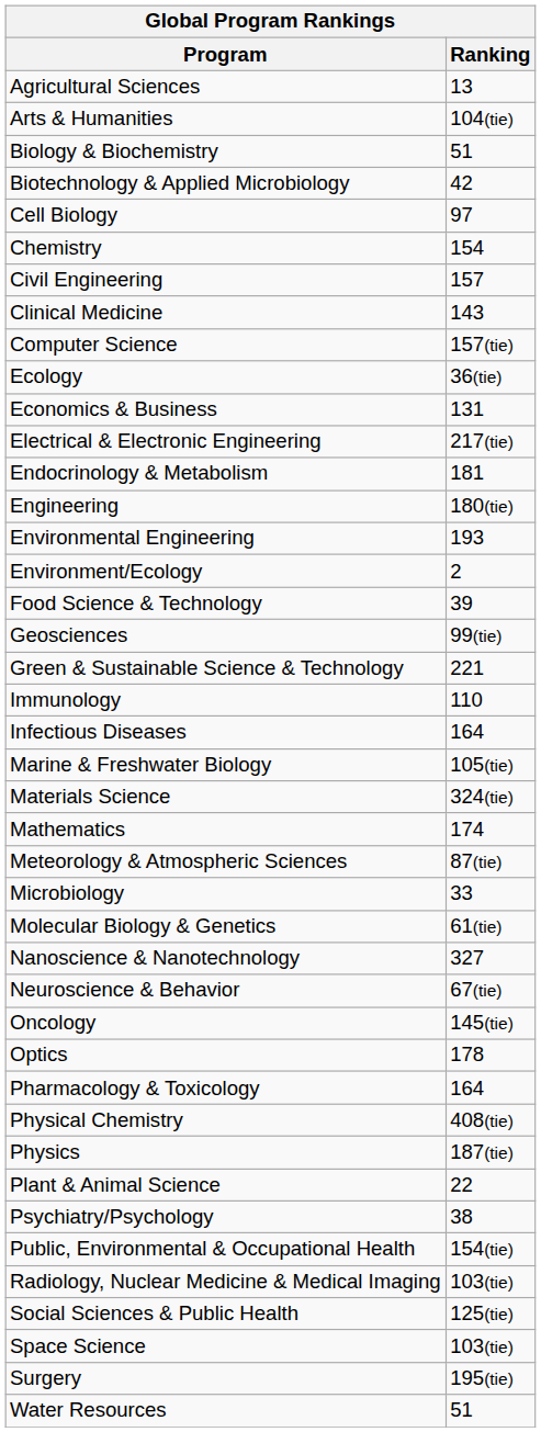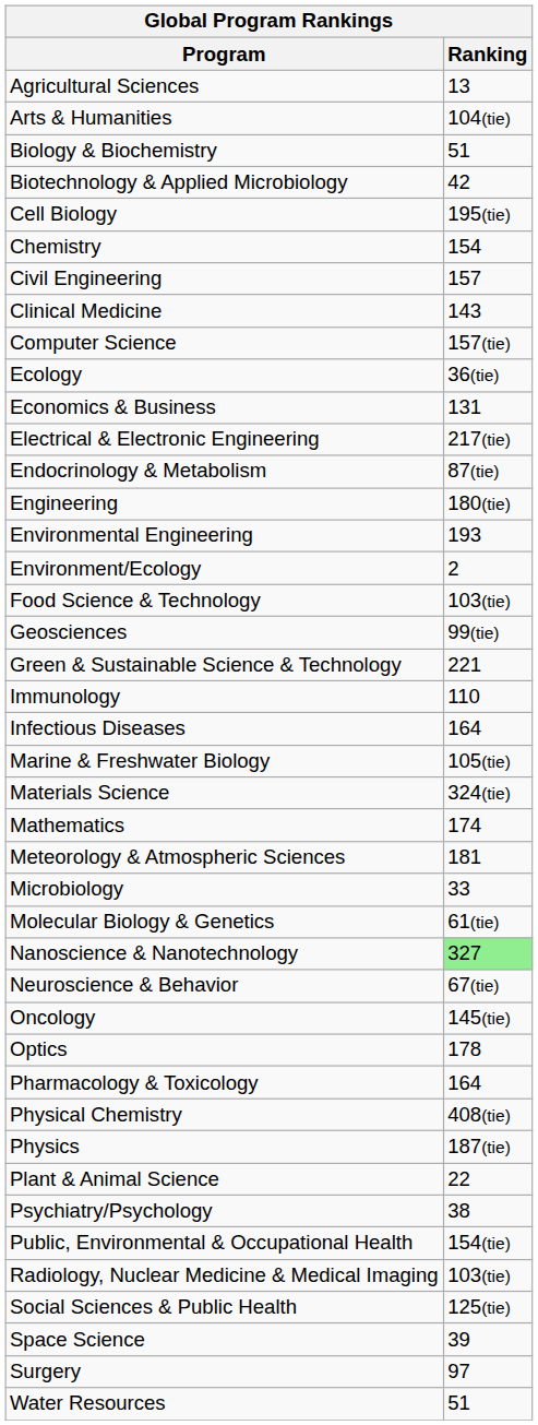 <table class="wikitable sortable collapsible collapsed" style="float:right" "text-align:center">
 <tr>
 <th colspan=4>Global Program Rankings</th>
 </tr>
 <tr>
 <th>Program</th>
 <th>Ranking</th>
 </tr>
 <tr>
 <td>Agricultural Sciences</td>
 <td>13</td>
 </tr>
 <tr>
 <td>Arts & Humanities</td>
 <td>104<small>(tie)</small></td>
 </tr>
 <tr>
 <td>Biology & Biochemistry</td>
 <td>51</td>
 </tr>
 <tr>
 <td>Biotechnology & Applied Microbiology</td>
 <td>42</td>
 </tr>
 <tr>
 <td>Cell Biology</td>
-<td>97</td>
+<td>195<small>(tie)</small></td>
 </tr>
 <tr>
 <td>Chemistry</td>
 <td>154</td>
 </tr>
 <tr>
 <td>Civil Engineering</td>
 <td>157</td>
 </tr>
 <tr>
 <td>Clinical Medicine</td>
 <td>143</td>
 </tr>
 <tr>
 <td>Computer Science</td>
 <td>157<small>(tie)</small></td>
 </tr>
 <tr>
 <td>Ecology</td>
 <td>36<small>(tie)</small></td>
 </tr>
 <tr>
 <td>Economics & Business</td>
 <td>131</td>
 </tr>
 <tr>
 <td>Electrical & Electronic Engineering</td>
 <td>217<small>(tie)</small></td>
 </tr>
 <tr>
 <td>Endocrinology & Metabolism</td>
-<td>181</td>
+<td>87<small>(tie)</small></td>
 </tr>
 <tr>
 <td>Engineering</td>
 <td>180<small>(tie)</small></td>
 </tr>
 <tr>
 <td>Environmental Engineering</td>
 <td>193</td>
 </tr>
 <tr>
 <td>Environment/Ecology</td>
 <td>2</td>
 </tr>
 <tr>
 <td>Food Science & Technology</td>
-<td>39</td>
+<td>103<small>(tie)</small></td>
 </tr>
 <tr>
 <td>Geosciences</td>
 <td>99<small>(tie)</small></td>
 </tr>
 <tr>
 <td>Green & Sustainable Science & Technology</td>
 <td>221</td>
 </tr>
 <tr>
 <td>Immunology</td>
 <td>110</td>
 </tr>
 <tr>
 <td>Infectious Diseases</td>
 <td>164</td>
 </tr>
 <tr>
 <td>Marine & Freshwater Biology</td>
 <td>105<small>(tie)</small></td>
 </tr>
 <tr>
 <td>Materials Science</td>
 <td>324<small>(tie)</small></td>
 </tr>
 <tr>
 <td>Mathematics</td>
 <td>174</td>
 </tr>
 <tr>
 <td>Meteorology & Atmospheric Sciences</td>
-<td>87<small>(tie)</small></td>
+<td>181</td>
 </tr>
 <tr>
 <td>Microbiology</td>
 <td>33</td>
 </tr>
 <tr>
 <td>Molecular Biology & Genetics</td>
 <td>61<small>(tie)</small></td>
 </tr>
 <tr>
 <td>Nanoscience & Nanotechnology</td>
-<td>327</td>
+<td style="background: lightgreen;">327</td>
 </tr>
 <tr>
 <td>Neuroscience & Behavior</td>
 <td>67<small>(tie)</small></td>
 </tr>
 <tr>
 <td>Oncology</td>
 <td>145<small>(tie)</small></td>
 </tr>
 <tr>
 <td>Optics</td>
 <td>178</td>
 </tr>
 <tr>
 <td>Pharmacology & Toxicology</td>
 <td>164</td>
 </tr>
 <tr>
 <td>Physical Chemistry</td>
 <td>408<small>(tie)</small></td>
 </tr>
 <tr>
 <td>Physics</td>
 <td>187<small>(tie)</small></td>
 </tr>
 <tr>
 <td>Plant & Animal Science</td>
 <td>22</td>
 </tr>
 <tr>
 <td>Psychiatry/Psychology</td>
 <td>38</td>
 </tr>
 <tr>
 <td>Public, Environmental & Occupational Health</td>
 <td>154<small>(tie)</small></td>
 </tr>
 <tr>
 <td>Radiology, Nuclear Medicine & Medical Imaging</td>
 <td>103<small>(tie)</small></td>
 </tr>
 <tr>
 <td>Social Sciences & Public Health</td>
 <td>125<small>(tie)</small></td>
 </tr>
 <tr>
 <td>Space Science</td>
-<td>103<small>(tie)</small></td>
+<td>39</td>
 </tr>
 <tr>
 <td>Surgery</td>
-<td>195<small>(tie)</small></td>
+<td>97</td>
 </tr>
 <tr>
 <td>Water Resources</td>
 <td>51</td>
 </tr>
 </table>
